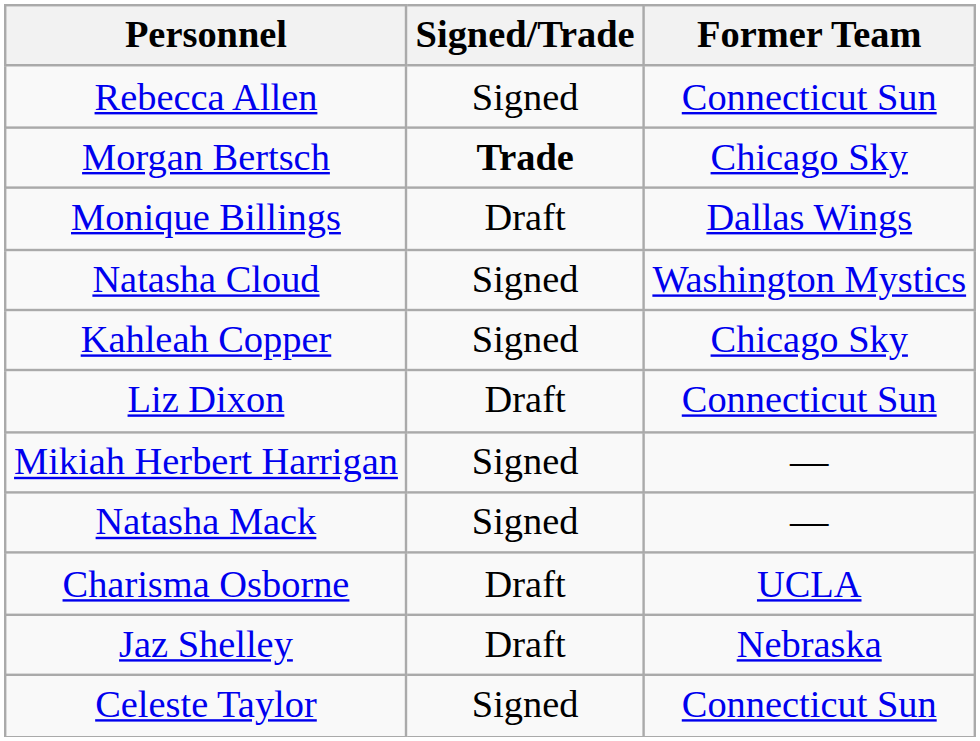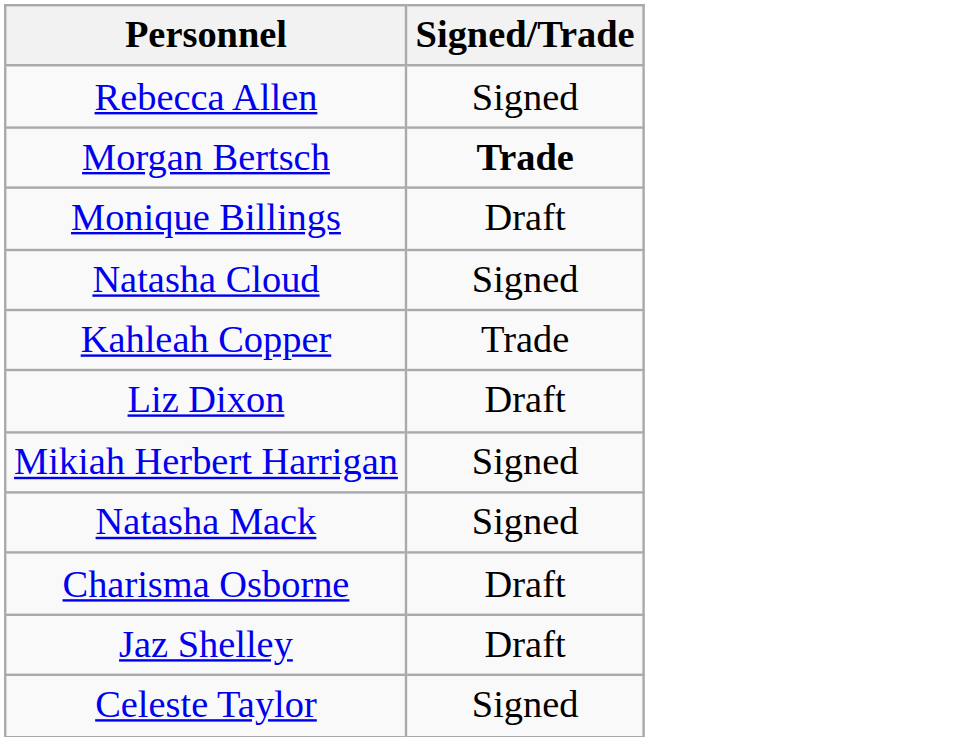 <table class="wikitable" style="text-align: center">
 <tr align="center" bgcolor="#dddddd">
 <th><strong>Personnel</strong></th>
 <th><strong>Signed/Trade</strong></th>
-<th><strong>Former Team</strong></th>
 </tr>
 <tr>
 <td><a href='#'>Rebecca Allen</a></td>
 <td>Signed</td>
-<td><a href='#'>Connecticut Sun</a></td>
 </tr>
 <tr>
 <td><a href='#'>Morgan Bertsch</a></td>
 <td><strong>Trade</strong></td>
-<td><a href='#'>Chicago Sky</a></td>
 </tr>
 <tr>
 <td><a href='#'>Monique Billings</a></td>
 <td>Draft</td>
-<td><a href='#'>Dallas Wings</a></td>
 </tr>
 <tr>
 <td><a href='#'>Natasha Cloud</a></td>
 <td>Signed</td>
-<td><a href='#'>Washington Mystics</a></td>
 </tr>
 <tr>
 <td><a href='#'>Kahleah Copper</a></td>
-<td>Signed</td>
-<td><a href='#'>Chicago Sky</a></td>
+<td>Trade</td>
 </tr>
 <tr>
 <td><a href='#'>Liz Dixon</a></td>
 <td>Draft</td>
-<td><a href='#'>Connecticut Sun</a></td>
 </tr>
 <tr>
 <td><a href='#'>Mikiah Herbert Harrigan</a></td>
 <td>Signed</td>
-<td>—</td>
 </tr>
 <tr>
 <td><a href='#'>Natasha Mack</a></td>
 <td>Signed</td>
-<td>—</td>
 </tr>
 <tr>
 <td><a href='#'>Charisma Osborne</a></td>
 <td>Draft</td>
-<td><a href='#'>UCLA</a></td>
 </tr>
 <tr>
 <td><a href='#'>Jaz Shelley</a></td>
 <td>Draft</td>
-<td><a href='#'>Nebraska</a></td>
 </tr>
 <tr>
 <td><a href='#'>Celeste Taylor</a></td>
 <td>Signed</td>
-<td><a href='#'>Connecticut Sun</a></td>
 </tr>
 </table>
